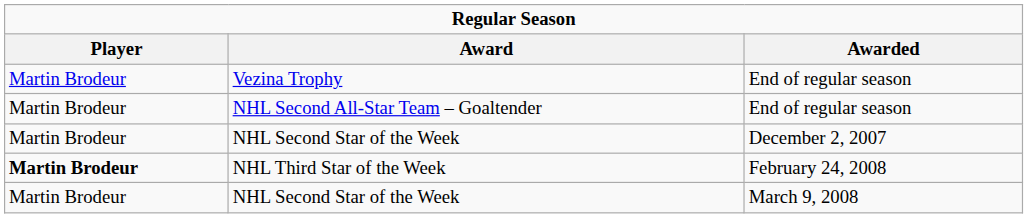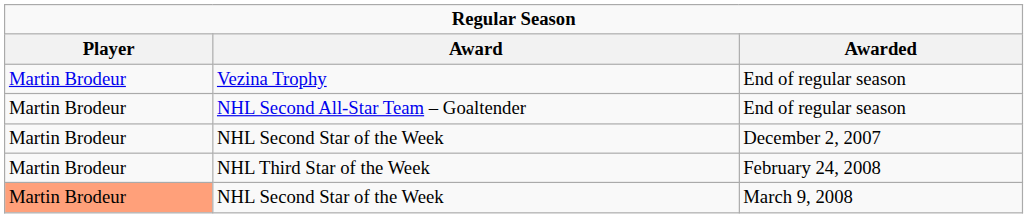 <table class="wikitable" style="width:55%;">
 <tr>
 <td colspan="10" style="text-align:center;"><strong>Regular Season</strong></td>
 </tr>
 <tr>
 <th>Player</th>
 <th>Award</th>
 <th>Awarded</th>
 </tr>
 <tr>
 <td><a href='#'>Martin Brodeur</a></td>
 <td><a href='#'>Vezina Trophy</a></td>
 <td>End of regular season</td>
 </tr>
 <tr>
 <td>Martin Brodeur</td>
 <td><a href='#'>NHL Second All-Star Team</a> – Goaltender</td>
 <td>End of regular season</td>
 </tr>
 <tr>
 <td>Martin Brodeur</td>
 <td>NHL Second Star of the Week</td>
 <td>December 2, 2007</td>
 </tr>
 <tr>
-<td><strong>Martin Brodeur</strong></td>
+<td>Martin Brodeur</td>
 <td>NHL Third Star of the Week</td>
 <td>February 24, 2008</td>
 </tr>
 <tr>
-<td>Martin Brodeur</td>
+<td style="background: lightsalmon;">Martin Brodeur</td>
 <td>NHL Second Star of the Week</td>
 <td>March 9, 2008</td>
 </tr>
 </table>
